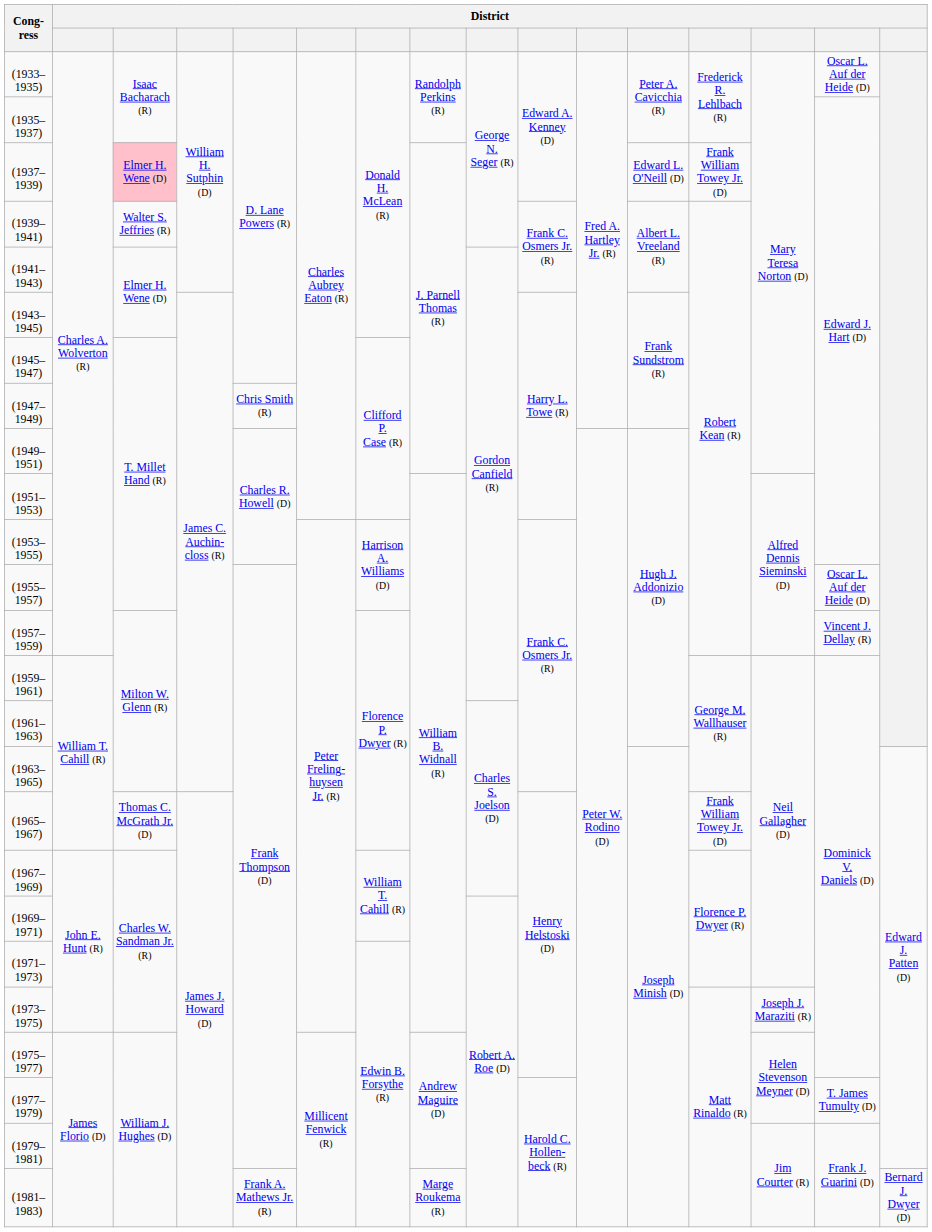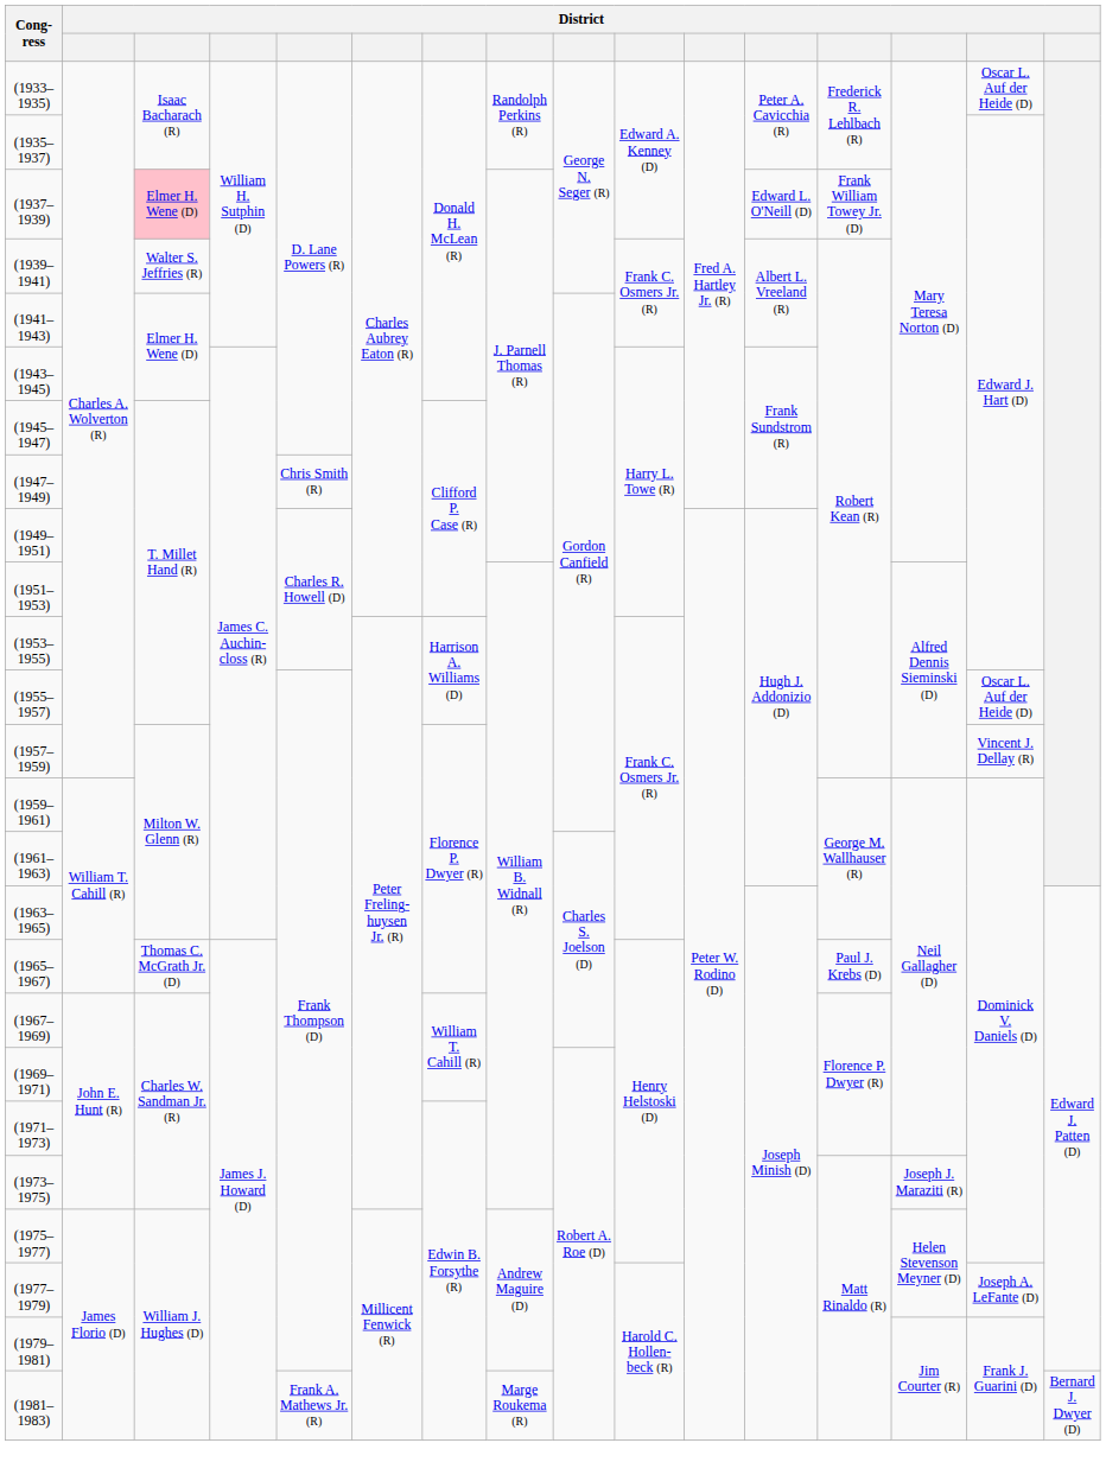 <table class="wikitable sticky-header-multi sortable" style="text-align:center">
 <tr style="height:2em">
 <th rowspan=2 class=unsortable>Cong­ress</th>
 <th colspan=15 class=unsortable>District</th>
 </tr>
 <tr style="height:2em">
 <th class=unsortable></th>
 <th class=unsortable></th>
 <th class=unsortable></th>
 <th class=unsortable></th>
 <th class=unsortable></th>
 <th class=unsortable></th>
 <th class=unsortable></th>
 <th class=unsortable></th>
 <th class=unsortable></th>
 <th class=unsortable></th>
 <th class=unsortable></th>
 <th class=unsortable></th>
 <th class=unsortable></th>
 <th class=unsortable></th>
 <th class=unsortable></th>
 </tr>
 <tr style="height:2em">
 <td><strong></strong><br>(1933–1935)</td>
 <td rowspan="13" ><a href='#'>Charles A.<br>Wolverton</a> <small>(R)</small></td>
 <td rowspan="2" ><a href='#'>Isaac<br>Bacharach</a> <small>(R)</small></td>
 <td rowspan="5" ><a href='#'>William H.<br>Sutphin</a> <small>(D)</small></td>
 <td rowspan=7 ><a href='#'>D. Lane<br>Powers</a> <small>(R)</small></td>
 <td rowspan=10 ><a href='#'>Charles Aubrey<br>Eaton</a> <small>(R)</small></td>
 <td rowspan=6 ><a href='#'>Donald H.<br>McLean</a> <small>(R)</small></td>
 <td rowspan=2 ><a href='#'>Randolph<br>Perkins</a> <small>(R)</small></td>
 <td rowspan=4 ><a href='#'>George N.<br>Seger</a> <small>(R)</small></td>
 <td rowspan=3 ><a href='#'>Edward A.<br>Kenney</a> <small>(D)</small></td>
 <td rowspan=8 ><a href='#'>Fred A.<br>Hartley Jr.</a> <small>(R)</small></td>
 <td rowspan=2 ><a href='#'>Peter A.<br>Cavicchia</a> <small>(R)</small></td>
 <td rowspan=2 ><a href='#'>Frederick R.<br>Lehlbach</a> <small>(R)</small></td>
 <td rowspan=9 ><a href='#'>Mary Teresa<br>Norton</a> <small>(D)</small></td>
 <td><a href='#'>Oscar L.<br>Auf der Heide</a> <small>(D)</small></td>
 <th rowspan=15></th>
 </tr>
 <tr style="height:2em">
 <td><strong></strong><br>(1935–1937)</td>
 <td rowspan=10 ><a href='#'>Edward J.<br>Hart</a> <small>(D)</small></td>
 </tr>
 <tr style="height:2em">
 <td><strong></strong><br>(1937–1939)</td>
 <td style="background: pink;"><a href='#'>Elmer H.<br>Wene</a> <small>(D)</small></td>
 <td rowspan=7 ><a href='#'>J. Parnell<br>Thomas</a> <small>(R)</small></td>
 <td><a href='#'>Edward L.<br>O'Neill</a> <small>(D)</small></td>
 <td><a href='#'>Frank William<br>Towey Jr.</a> <small>(D)</small></td>
 </tr>
 <tr style="height:2em">
 <td><strong></strong><br>(1939–1941)</td>
 <td><a href='#'>Walter S.<br>Jeffries</a> <small>(R)</small></td>
 <td rowspan=2 ><a href='#'>Frank C.<br>Osmers Jr.</a> <small>(R)</small></td>
 <td rowspan=2 ><a href='#'>Albert L.<br>Vreeland</a> <small>(R)</small></td>
 <td rowspan=10 ><a href='#'>Robert<br>Kean</a> <small>(R)</small></td>
 </tr>
 <tr style="height:2em">
 <td><strong></strong><br>(1941–1943)</td>
 <td rowspan=2 ><a href='#'>Elmer H.<br>Wene</a> <small>(D)</small></td>
 <td rowspan=10 ><a href='#'>Gordon<br>Canfield</a> <small>(R)</small></td>
 </tr>
 <tr style="height:2em">
 <td><strong></strong><br>(1943–1945)</td>
 <td rowspan=11 ><a href='#'>James C.<br>Auchin­closs</a> <small>(R)</small></td>
 <td rowspan=5 ><a href='#'>Harry L.<br>Towe</a> <small>(R)</small></td>
 <td rowspan=3 ><a href='#'>Frank<br>Sund­strom</a> <small>(R)</small></td>
 </tr>
 <tr style="height:2em">
 <td><strong></strong><br>(1945–1947)</td>
 <td rowspan=6 ><a href='#'>T. Millet<br>Hand</a> <small>(R)</small></td>
 <td rowspan=4 ><a href='#'>Clifford P.<br>Case</a> <small>(R)</small></td>
 </tr>
 <tr style="height:2em">
 <td><strong></strong><br>(1947–1949)</td>
 <td><a href='#'>Chris Smith</a> <small>(R)</small></td>
 </tr>
 <tr style="height:2em">
 <td><strong></strong><br>(1949–1951)</td>
 <td rowspan=3 ><a href='#'>Charles R.<br>Howell</a> <small>(D)</small></td>
 <td rowspan="17" ><a href='#'>Peter W.<br>Rodino</a> <small>(D)</small></td>
 <td rowspan=7 ><a href='#'>Hugh J.<br>Addonizio</a> <small>(D)</small></td>
 </tr>
 <tr style="height:2em">
 <td><strong></strong><br>(1951–1953)</td>
 <td rowspan=12 ><a href='#'>William B.<br>Widnall</a> <small>(R)</small></td>
 <td rowspan=4 ><a href='#'>Alfred Dennis<br>Sieminski</a> <small>(D)</small></td>
 </tr>
 <tr style="height:2em">
 <td><strong></strong><br>(1953–1955)</td>
 <td rowspan=11 ><a href='#'>Peter<br>Freling­huysen<br>Jr.</a> <small>(R)</small></td>
 <td rowspan=2 ><a href='#'>Harrison A.<br>Williams</a> <small>(D)</small></td>
 <td rowspan=6 ><a href='#'>Frank C.<br>Osmers Jr.</a> <small>(R)</small></td>
 </tr>
 <tr style="height:2em">
 <td><strong></strong><br>(1955–1957)</td>
 <td rowspan=13 ><a href='#'>Frank<br>Thompson</a> <small>(D)</small></td>
 <td><a href='#'>Oscar L.<br>Auf der Heide</a> <small>(D)</small></td>
 </tr>
 <tr style="height:2em">
 <td><strong></strong><br>(1957–1959)</td>
 <td rowspan=4 ><a href='#'>Milton W.<br>Glenn</a> <small>(R)</small></td>
 <td rowspan=5 ><a href='#'>Florence P.<br>Dwyer</a> <small>(R)</small></td>
 <td><a href='#'>Vincent J.<br>Dellay</a> <small>(R)</small></td>
 </tr>
 <tr style="height:2em">
 <td><strong></strong><br>(1959–1961)</td>
 <td rowspan=4 ><a href='#'>William T.<br>Cahill</a> <small>(R)</small></td>
 <td rowspan=3 ><a href='#'>George M.<br>Wall­hauser</a> <small>(R)</small></td>
 <td rowspan=7 ><a href='#'>Neil<br>Gallagher</a> <small>(D)</small></td>
 <td rowspan=9 ><a href='#'>Dominick V.<br>Daniels</a> <small>(D)</small></td>
 </tr>
 <tr style="height:2em">
 <td><strong></strong><br>(1961–1963)</td>
 <td rowspan=4 ><a href='#'>Charles S.<br>Joelson</a> <small>(D)</small></td>
 </tr>
 <tr style="height:2em">
 <td><strong></strong><br>(1963–1965)</td>
 <td rowspan="10" ><a href='#'>Joseph<br>Minish</a> <small>(D)</small></td>
 <td rowspan=9 ><a href='#'>Edward J.<br>Patten</a> <small>(D)</small></td>
 </tr>
 <tr style="height:2em">
 <td><strong></strong><br>(1965–1967)</td>
 <td><a href='#'>Thomas C.<br>McGrath Jr.</a> <small>(D)</small></td>
 <td rowspan="9" ><a href='#'>James J.<br>Howard</a> <small>(D)</small></td>
 <td rowspan=6 ><a href='#'>Henry<br>Helstoski</a> <small>(D)</small></td>
-<td><a href='#'>Frank William<br>Towey Jr.</a> <small>(D)</small></td>
+<td><a href='#'>Paul J.<br>Krebs</a> <small>(D)</small></td>
 </tr>
 <tr style="height:2em">
 <td><strong></strong><br>(1967–1969)</td>
 <td rowspan=4 ><a href='#'>John E.<br>Hunt</a> <small>(R)</small></td>
 <td rowspan=4 ><a href='#'>Charles W.<br>Sandman Jr.</a> <small>(R)</small></td>
 <td rowspan=2 ><a href='#'>William T.<br>Cahill</a> <small>(R)</small></td>
 <td rowspan=3 ><a href='#'>Florence P.<br>Dwyer</a> <small>(R)</small></td>
 </tr>
 <tr style="height:2em">
 <td><strong></strong><br>(1969–1971)</td>
 <td rowspan="7" ><a href='#'>Robert A.<br>Roe</a> <small>(D)</small></td>
 </tr>
 <tr style="height:2em">
 <td><strong></strong><br>(1971–1973)</td>
 <td rowspan=6 ><a href='#'>Edwin B.<br>Forsythe</a> <small>(R)</small></td>
 </tr>
 <tr style="height:2em">
 <td><strong></strong><br>(1973–1975)</td>
 <td rowspan=5 ><a href='#'>Matt Rinaldo</a> <small>(R)</small></td>
 <td><a href='#'>Joseph J.<br>Maraziti</a> <small>(R)</small></td>
 </tr>
 <tr style="height:2em">
 <td><strong></strong><br>(1975–1977)</td>
 <td rowspan="4" ><a href='#'>James<br>Florio</a> <small>(D)</small></td>
 <td rowspan="4" ><a href='#'>William J.<br>Hughes</a> <small>(D)</small></td>
 <td rowspan=4 ><a href='#'>Millicent<br>Fenwick</a> <small>(R)</small></td>
 <td rowspan=3 ><a href='#'>Andrew<br>Maguire</a> <small>(D)</small></td>
 <td rowspan=2 ><a href='#'>Helen Steven­son<br>Meyner</a> <small>(D)</small></td>
 </tr>
 <tr style="height:2em">
 <td><strong></strong><br>(1977–1979)</td>
 <td rowspan=3 ><a href='#'>Harold C.<br>Hollen­beck</a> <small>(R)</small></td>
-<td><a href='#'>T. James<br>Tumulty</a> <small>(D)</small></td>
+<td><a href='#'>Joseph A.<br>LeFante</a> <small>(D)</small></td>
 </tr>
 <tr style="height:2em">
 <td><strong></strong><br>(1979–1981)</td>
 <td rowspan=2 ><a href='#'>Jim<br>Courter</a> <small>(R)</small></td>
 <td rowspan="2" ><a href='#'>Frank J.<br>Guarini</a> <small>(D)</small></td>
 </tr>
 <tr style="height:2em">
 <td><strong></strong><br>(1981–1983)</td>
 <td><a href='#'>Frank A.<br>Mathews Jr.</a> <small>(R)</small></td>
 <td><a href='#'>Marge<br>Roukema</a> <small>(R)</small></td>
 <td><a href='#'>Bernard J.<br>Dwyer</a> <small>(D)</small></td>
 </tr>
 </table>
